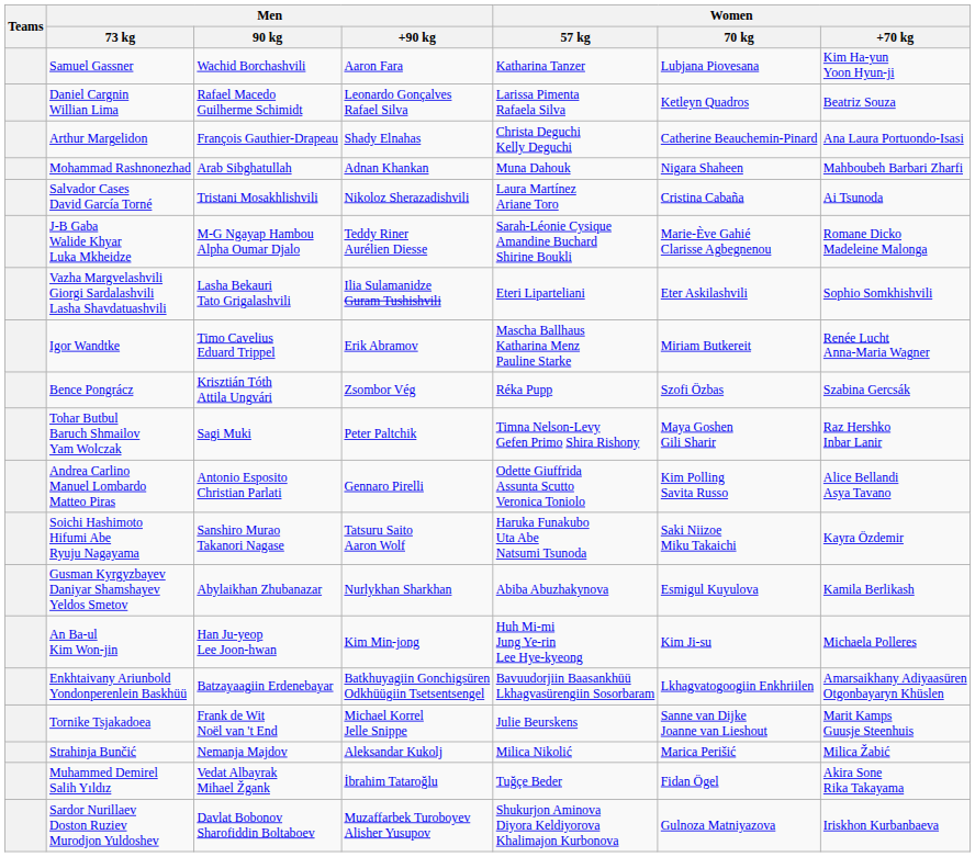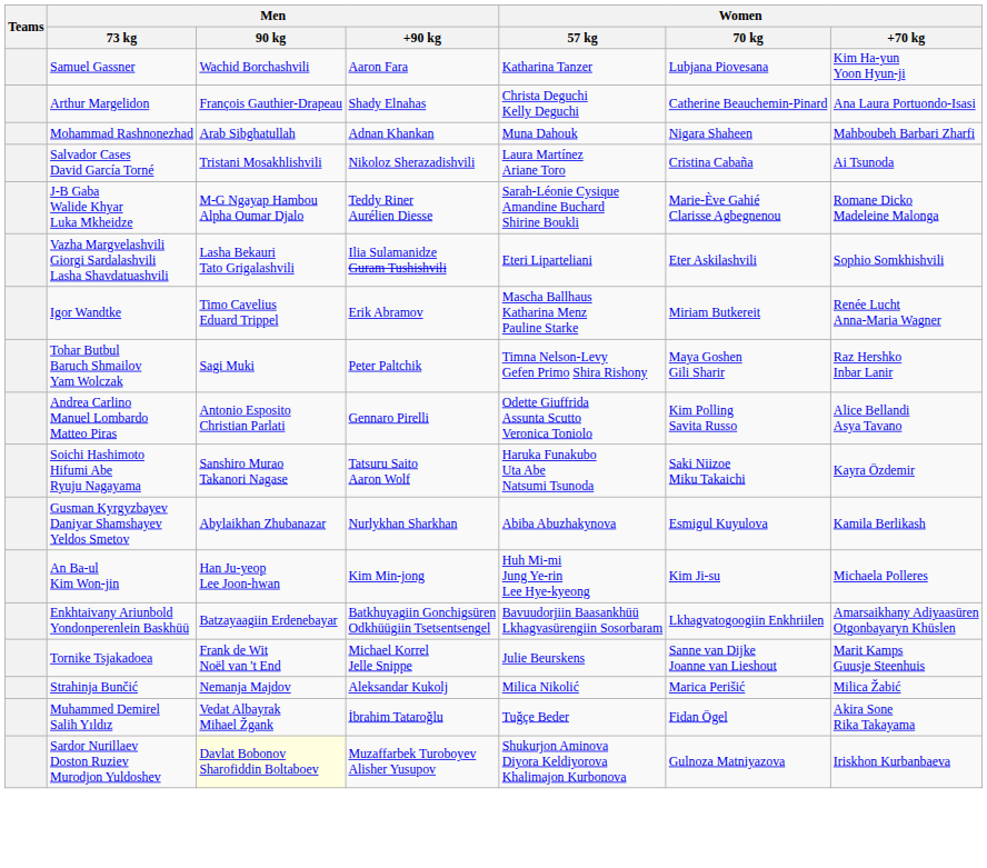 <table class="wikitable sortable mw-collapsible" style="font-size:90%">
 <tr>
 <th rowspan=2>Teams</th>
 <th colspan=3>Men</th>
 <th colspan=3>Women</th>
 </tr>
 <tr>
 <th>73 kg</th>
 <th>90 kg</th>
 <th>+90 kg</th>
 <th>57 kg</th>
 <th>70 kg</th>
 <th>+70 kg</th>
 </tr>
 <tr>
 <th style="text-align:left"></th>
 <td><a href='#'>Samuel Gassner</a><br></td>
 <td><a href='#'>Wachid Borchashvili</a></td>
 <td><a href='#'>Aaron Fara</a></td>
 <td><a href='#'>Katharina Tanzer</a></td>
 <td><a href='#'>Lubjana Piovesana</a></td>
 <td><a href='#'>Kim Ha-yun</a><br><a href='#'>Yoon Hyun-ji</a></td>
-</tr>
-<tr>
-<th style="text-align:left"></th>
-<td><a href='#'>Daniel Cargnin</a><br><a href='#'>Willian Lima</a></td>
-<td><a href='#'>Rafael Macedo</a><br><a href='#'>Guilherme Schimidt</a></td>
-<td><a href='#'>Leonardo Gonçalves</a><br><a href='#'>Rafael Silva</a></td>
-<td><a href='#'>Larissa Pimenta</a><br><a href='#'>Rafaela Silva</a></td>
-<td><a href='#'>Ketleyn Quadros</a></td>
-<td><a href='#'>Beatriz Souza</a></td>
 </tr>
 <tr>
 <th style="text-align:left"></th>
 <td><a href='#'>Arthur Margelidon</a></td>
 <td><a href='#'>François Gauthier-Drapeau</a></td>
 <td><a href='#'>Shady Elnahas</a></td>
 <td><a href='#'>Christa Deguchi</a><br><a href='#'>Kelly Deguchi</a></td>
 <td><a href='#'>Catherine Beauchemin-Pinard</a></td>
 <td><a href='#'>Ana Laura Portuondo-Isasi</a></td>
 </tr>
 <tr>
 <th style="text-align:left"></th>
 <td><a href='#'>Mohammad Rashnonezhad</a></td>
 <td><a href='#'>Arab Sibghatullah</a></td>
 <td><a href='#'>Adnan Khankan</a></td>
 <td><a href='#'>Muna Dahouk</a></td>
 <td><a href='#'>Nigara Shaheen</a></td>
 <td><a href='#'>Mahboubeh Barbari Zharfi</a></td>
 </tr>
 <tr>
 <th style="text-align:left"></th>
 <td><a href='#'>Salvador Cases</a><br><a href='#'>David García Torné</a></td>
 <td><a href='#'>Tristani Mosakhlishvili</a></td>
 <td><a href='#'>Nikoloz Sherazadishvili</a></td>
 <td><a href='#'>Laura Martínez</a><br><a href='#'>Ariane Toro</a></td>
 <td><a href='#'>Cristina Cabaña</a></td>
 <td><a href='#'>Ai Tsunoda</a></td>
 </tr>
 <tr>
 <th style="text-align:left"></th>
 <td><a href='#'>J-B Gaba</a><br><a href='#'>Walide Khyar</a><br><a href='#'>Luka Mkheidze</a></td>
 <td><a href='#'>M-G Ngayap Hambou</a><br><a href='#'>Alpha Oumar Djalo</a></td>
 <td><a href='#'>Teddy Riner</a><br><a href='#'>Aurélien Diesse</a></td>
 <td><a href='#'>Sarah-Léonie Cysique</a><br><a href='#'>Amandine Buchard</a><br><a href='#'>Shirine Boukli</a></td>
 <td><a href='#'>Marie-Ève Gahié</a><br><a href='#'>Clarisse Agbegnenou</a></td>
 <td><a href='#'>Romane Dicko</a><br><a href='#'>Madeleine Malonga</a></td>
 </tr>
 <tr>
 <th style="text-align:left"></th>
 <td><a href='#'>Vazha Margvelashvili</a><br><a href='#'>Giorgi Sardalashvili</a><br><a href='#'>Lasha Shavdatuashvili</a></td>
 <td><a href='#'>Lasha Bekauri</a><br><a href='#'>Tato Grigalashvili</a></td>
 <td><a href='#'>Ilia Sulamanidze</a><br><a href='#'><s>Guram Tushishvili</s></a></td>
 <td><a href='#'>Eteri Liparteliani</a></td>
 <td><a href='#'>Eter Askilashvili</a></td>
 <td><a href='#'>Sophio Somkhishvili</a></td>
 </tr>
 <tr>
 <th style="text-align:left"></th>
 <td><a href='#'>Igor Wandtke</a></td>
 <td><a href='#'>Timo Cavelius</a><br><a href='#'>Eduard Trippel</a></td>
 <td><a href='#'>Erik Abramov</a></td>
 <td><a href='#'>Mascha Ballhaus</a><br><a href='#'>Katharina Menz</a><br><a href='#'>Pauline Starke</a></td>
 <td><a href='#'>Miriam Butkereit</a></td>
 <td><a href='#'>Renée Lucht</a><br><a href='#'>Anna-Maria Wagner</a></td>
-</tr>
-<tr>
-<th style="text-align:left"></th>
-<td><a href='#'>Bence Pongrácz</a></td>
-<td><a href='#'>Krisztián Tóth</a><br><a href='#'>Attila Ungvári</a></td>
-<td><a href='#'>Zsombor Vég</a></td>
-<td><a href='#'>Réka Pupp</a></td>
-<td><a href='#'>Szofi Özbas</a></td>
-<td><a href='#'>Szabina Gercsák</a></td>
 </tr>
 <tr>
 <th style="text-align:left"></th>
 <td><a href='#'>Tohar Butbul</a><br><a href='#'>Baruch Shmailov</a><br><a href='#'>Yam Wolczak</a></td>
 <td><a href='#'>Sagi Muki</a></td>
 <td><a href='#'>Peter Paltchik</a></td>
 <td><a href='#'>Timna Nelson-Levy</a><br><a href='#'>Gefen Primo</a> <a href='#'>Shira Rishony</a></td>
 <td><a href='#'>Maya Goshen</a><br><a href='#'>Gili Sharir</a></td>
 <td><a href='#'>Raz Hershko</a><br><a href='#'>Inbar Lanir</a></td>
 </tr>
 <tr>
 <th style="text-align:left"></th>
 <td><a href='#'>Andrea Carlino</a><br><a href='#'>Manuel Lombardo</a><br><a href='#'>Matteo Piras</a></td>
 <td><a href='#'>Antonio Esposito</a><br><a href='#'>Christian Parlati</a></td>
 <td><a href='#'>Gennaro Pirelli</a></td>
 <td><a href='#'>Odette Giuffrida</a><br><a href='#'>Assunta Scutto</a><br><a href='#'>Veronica Toniolo</a></td>
 <td><a href='#'>Kim Polling</a><br><a href='#'>Savita Russo</a></td>
 <td><a href='#'>Alice Bellandi</a><br><a href='#'>Asya Tavano</a></td>
 </tr>
 <tr>
 <th style="text-align:left"></th>
 <td><a href='#'>Soichi Hashimoto</a><br><a href='#'>Hifumi Abe</a><br><a href='#'>Ryuju Nagayama</a></td>
 <td><a href='#'>Sanshiro Murao</a><br><a href='#'>Takanori Nagase</a></td>
 <td><a href='#'>Tatsuru Saito</a><br><a href='#'>Aaron Wolf</a></td>
 <td><a href='#'>Haruka Funakubo</a><br><a href='#'>Uta Abe</a><br><a href='#'>Natsumi Tsunoda</a></td>
 <td><a href='#'>Saki Niizoe</a><br><a href='#'>Miku Takaichi</a></td>
 <td><a href='#'>Kayra Özdemir</a></td>
 </tr>
 <tr>
 <th style="text-align:left"></th>
 <td><a href='#'>Gusman Kyrgyzbayev</a><br><a href='#'>Daniyar Shamshayev</a><br><a href='#'>Yeldos Smetov</a></td>
 <td><a href='#'>Abylaikhan Zhubanazar</a></td>
 <td><a href='#'>Nurlykhan Sharkhan</a></td>
 <td><a href='#'>Abiba Abuzhakynova</a></td>
 <td><a href='#'>Esmigul Kuyulova</a></td>
 <td><a href='#'>Kamila Berlikash</a></td>
 </tr>
 <tr>
 <th style="text-align:left"></th>
 <td><a href='#'>An Ba-ul</a><br><a href='#'>Kim Won-jin</a></td>
 <td><a href='#'>Han Ju-yeop</a><br><a href='#'>Lee Joon-hwan</a></td>
 <td><a href='#'>Kim Min-jong</a></td>
 <td><a href='#'>Huh Mi-mi</a><br><a href='#'>Jung Ye-rin</a><br><a href='#'>Lee Hye-kyeong</a></td>
 <td><a href='#'>Kim Ji-su</a></td>
 <td><a href='#'>Michaela Polleres</a></td>
 </tr>
 <tr>
 <th style="text-align:left"></th>
 <td><a href='#'>Enkhtaivany Ariunbold</a><br><a href='#'>Yondonperenlein Baskhüü</a></td>
 <td><a href='#'>Batzayaagiin Erdenebayar</a></td>
 <td><a href='#'>Batkhuyagiin Gonchigsüren</a><br><a href='#'>Odkhüügiin Tsetsentsengel</a></td>
 <td><a href='#'>Bavuudorjiin Baasankhüü</a><br><a href='#'>Lkhagvasürengiin Sosorbaram</a></td>
 <td><a href='#'>Lkhagvatogoogiin Enkhriilen</a></td>
 <td><a href='#'>Amarsaikhany Adiyaasüren</a><br><a href='#'>Otgonbayaryn Khüslen</a></td>
 </tr>
 <tr>
 <th style="text-align:left"></th>
 <td><a href='#'>Tornike Tsjakadoea</a></td>
 <td><a href='#'>Frank de Wit</a><br><a href='#'>Noël van 't End</a></td>
 <td><a href='#'>Michael Korrel</a><br><a href='#'>Jelle Snippe</a></td>
 <td><a href='#'>Julie Beurskens</a></td>
 <td><a href='#'>Sanne van Dijke</a><br><a href='#'>Joanne van Lieshout</a></td>
 <td><a href='#'>Marit Kamps</a><br><a href='#'>Guusje Steenhuis</a></td>
 </tr>
 <tr>
 <th style="text-align:left"></th>
 <td><a href='#'>Strahinja Bunčić</a></td>
 <td><a href='#'>Nemanja Majdov</a></td>
 <td><a href='#'>Aleksandar Kukolj</a></td>
 <td><a href='#'>Milica Nikolić</a></td>
 <td><a href='#'>Marica Perišić</a></td>
 <td><a href='#'>Milica Žabić</a></td>
 </tr>
 <tr>
 <th style="text-align:left"></th>
 <td><a href='#'>Muhammed Demirel</a><br><a href='#'>Salih Yıldız</a></td>
 <td><a href='#'>Vedat Albayrak</a><br><a href='#'>Mihael Žgank</a></td>
 <td><a href='#'>İbrahim Tataroğlu</a></td>
 <td><a href='#'>Tuğçe Beder</a></td>
 <td><a href='#'>Fidan Ögel</a></td>
 <td><a href='#'>Akira Sone</a><br><a href='#'>Rika Takayama</a></td>
 </tr>
 <tr>
 <th style="text-align:left"></th>
 <td><a href='#'>Sardor Nurillaev</a><br><a href='#'>Doston Ruziev</a><br><a href='#'>Murodjon Yuldoshev</a></td>
-<td><a href='#'>Davlat Bobonov</a><br><a href='#'>Sharofiddin Boltaboev</a></td>
+<td style="background: lightyellow;"><a href='#'>Davlat Bobonov</a><br><a href='#'>Sharofiddin Boltaboev</a></td>
 <td><a href='#'>Muzaffarbek Turoboyev</a><br><a href='#'>Alisher Yusupov</a></td>
 <td><a href='#'>Shukurjon Aminova</a><br><a href='#'>Diyora Keldiyorova</a><br><a href='#'>Khalimajon Kurbonova</a></td>
 <td><a href='#'>Gulnoza Matniyazova</a></td>
 <td><a href='#'>Iriskhon Kurbanbaeva</a></td>
 </tr>
 </table>
